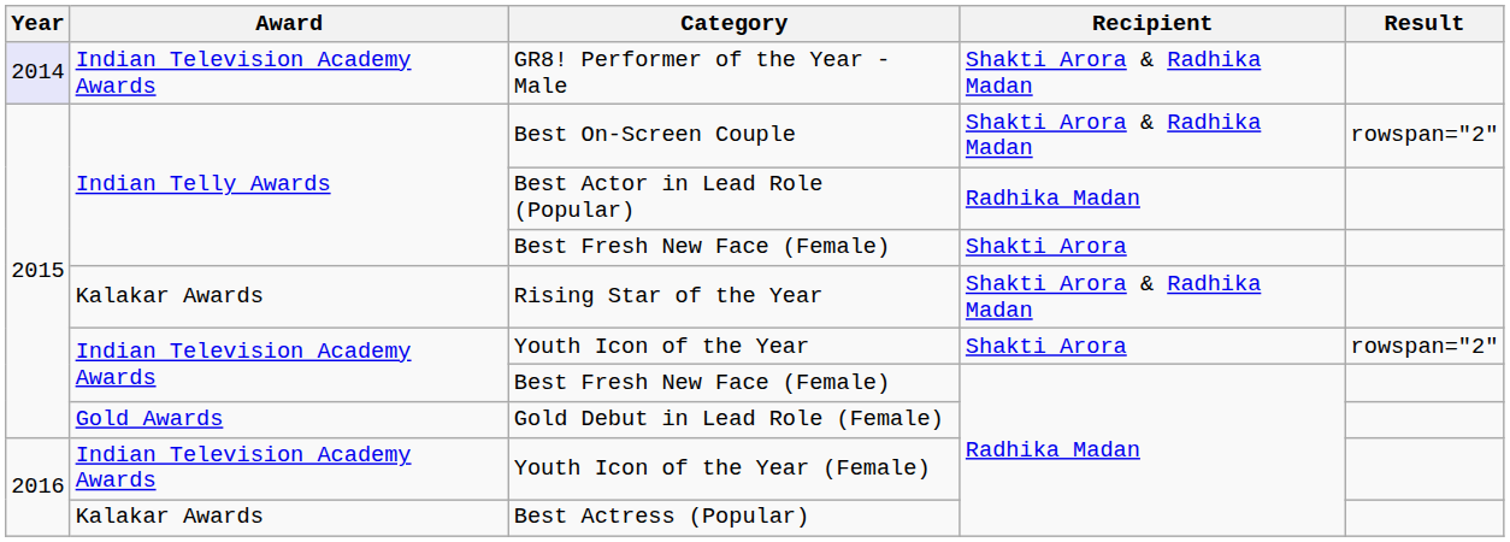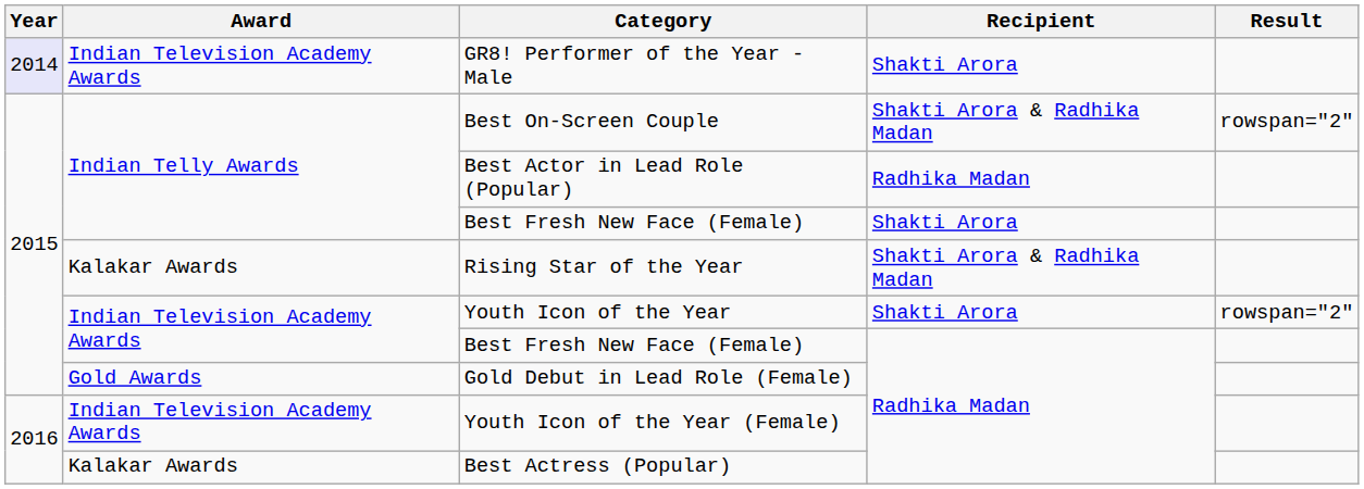 <table class="wikitable sortable">
 <tr>
 <th>Year</th>
 <th>Award</th>
 <th>Category</th>
 <th>Recipient</th>
 <th>Result</th>
 </tr>
 <tr>
 <td style="background: lavender;">2014</td>
 <td><a href='#'>Indian Television Academy Awards</a></td>
 <td>GR8! Performer of the Year - Male</td>
-<td><a href='#'>Shakti Arora</a> & <a href='#'>Radhika Madan</a></td>
+<td><a href='#'>Shakti Arora</a></td>
 <td></td>
 </tr>
 <tr>
 <td rowspan="7">2015</td>
 <td rowspan="3"><a href='#'>Indian Telly Awards</a></td>
 <td>Best On-Screen Couple</td>
 <td><a href='#'>Shakti Arora</a> & <a href='#'>Radhika Madan</a></td>
 <td>rowspan="2" </td>
 </tr>
 <tr>
 <td>Best Actor in Lead Role (Popular)</td>
 <td><a href='#'>Radhika Madan</a></td>
 </tr>
 <tr>
 <td>Best Fresh New Face (Female)</td>
 <td><a href='#'>Shakti Arora</a></td>
 <td></td>
 </tr>
 <tr>
 <td>Kalakar Awards</td>
 <td>Rising Star of the Year</td>
 <td><a href='#'>Shakti Arora</a> & <a href='#'>Radhika Madan</a></td>
 <td></td>
 </tr>
 <tr>
 <td rowspan="2"><a href='#'>Indian Television Academy Awards</a></td>
 <td>Youth Icon of the Year</td>
 <td><a href='#'>Shakti Arora</a></td>
 <td>rowspan="2" </td>
 </tr>
 <tr>
 <td>Best Fresh New Face (Female)</td>
 <td rowspan="4"><a href='#'>Radhika Madan</a></td>
 </tr>
 <tr>
 <td><a href='#'>Gold Awards</a></td>
 <td>Gold Debut in Lead Role (Female)</td>
 <td></td>
 </tr>
 <tr>
 <td rowspan="2">2016</td>
 <td><a href='#'>Indian Television Academy Awards</a></td>
 <td>Youth Icon of the Year (Female)</td>
 <td></td>
 </tr>
 <tr>
 <td>Kalakar Awards</td>
 <td>Best Actress (Popular)</td>
 <td></td>
 </tr>
 </table>
